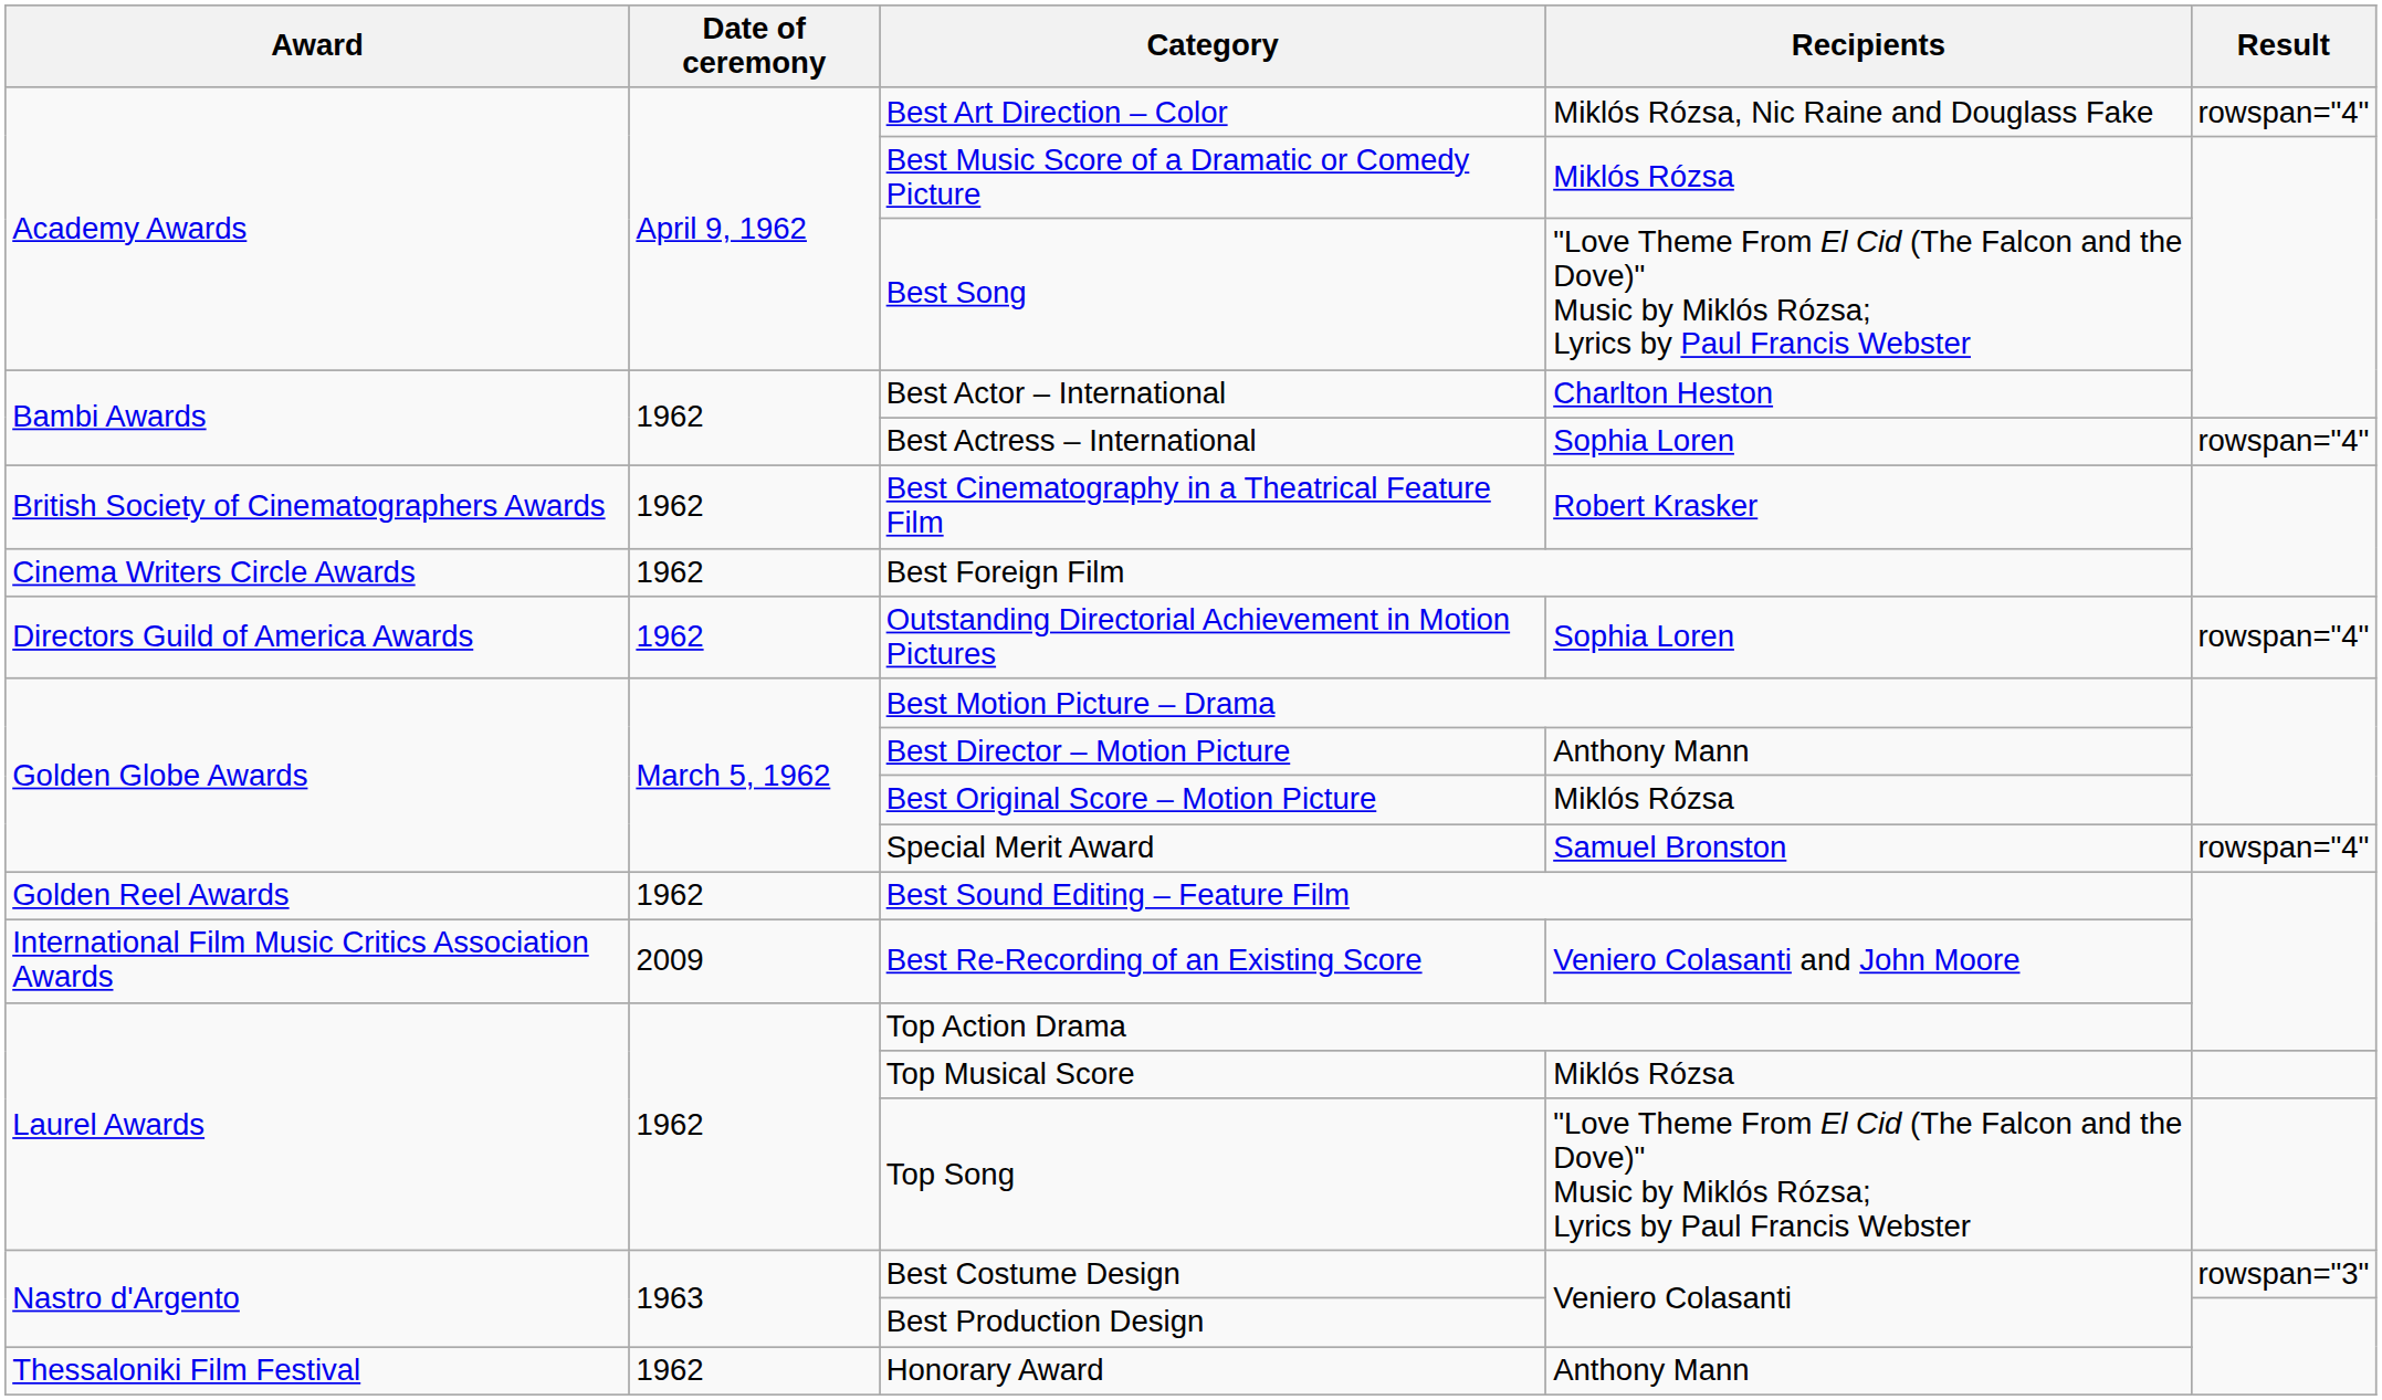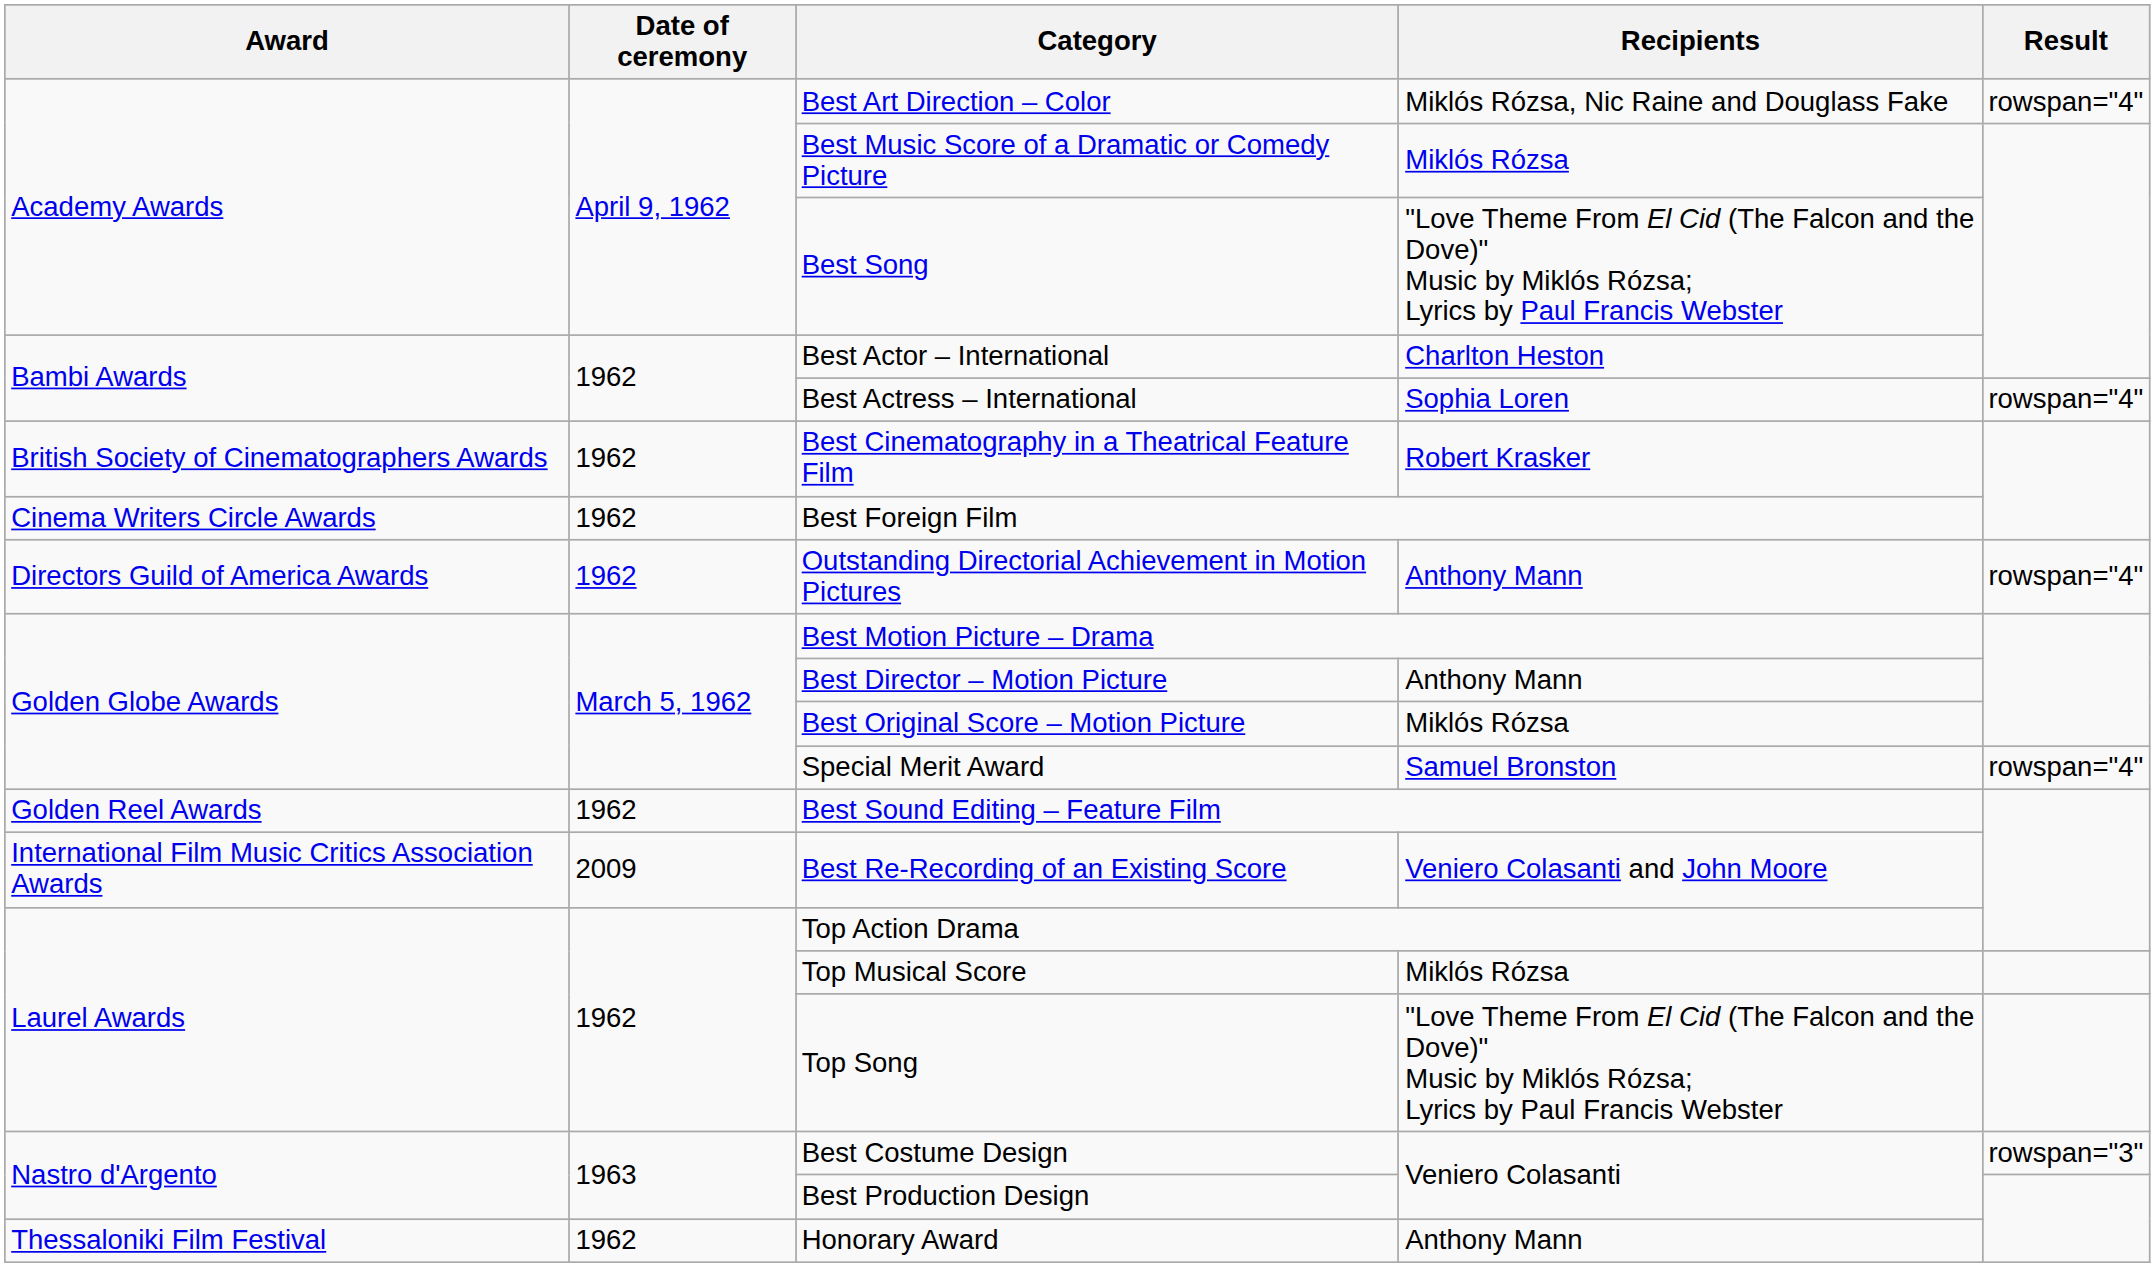 <table class="wikitable sortable plainrowheaders">
 <tr>
 <th>Award</th>
 <th>Date of ceremony</th>
 <th>Category</th>
 <th>Recipients</th>
 <th>Result</th>
 </tr>
 <tr>
 <td rowspan="3"><a href='#'>Academy Awards</a></td>
 <td rowspan="3"><a href='#'>April 9, 1962</a></td>
 <td><a href='#'>Best Art Direction – Color</a></td>
 <td>Miklós Rózsa, Nic Raine and Douglass Fake</td>
 <td>rowspan="4" </td>
 </tr>
 <tr>
 <td><a href='#'>Best Music Score of a Dramatic or Comedy Picture</a></td>
 <td><a href='#'>Miklós Rózsa</a></td>
 </tr>
 <tr>
 <td><a href='#'>Best Song</a></td>
 <td>"Love Theme From <em>El Cid</em> (The Falcon and the Dove)" <br> Music by Miklós Rózsa; <br> Lyrics by <a href='#'>Paul Francis Webster</a></td>
 </tr>
 <tr>
 <td rowspan="2"><a href='#'>Bambi Awards</a></td>
 <td rowspan="2">1962</td>
 <td>Best Actor – International</td>
 <td><a href='#'>Charlton Heston</a></td>
 </tr>
 <tr>
 <td>Best Actress – International</td>
 <td><a href='#'>Sophia Loren</a></td>
 <td>rowspan="4" </td>
 </tr>
 <tr>
 <td><a href='#'>British Society of Cinematographers Awards</a></td>
 <td>1962</td>
 <td><a href='#'>Best Cinematography in a Theatrical Feature Film</a></td>
 <td><a href='#'>Robert Krasker</a></td>
 </tr>
 <tr>
 <td><a href='#'>Cinema Writers Circle Awards</a></td>
 <td>1962</td>
 <td colspan="2">Best Foreign Film</td>
 </tr>
 <tr>
 <td><a href='#'>Directors Guild of America Awards</a></td>
 <td><a href='#'>1962</a></td>
 <td><a href='#'>Outstanding Directorial Achievement in Motion Pictures</a></td>
-<td><a href='#'>Sophia Loren</a></td>
+<td><a href='#'>Anthony Mann</a></td>
 <td>rowspan="4" </td>
 </tr>
 <tr>
 <td rowspan="4"><a href='#'>Golden Globe Awards</a></td>
 <td rowspan="4"><a href='#'>March 5, 1962</a></td>
 <td colspan="2"><a href='#'>Best Motion Picture – Drama</a></td>
 </tr>
 <tr>
 <td><a href='#'>Best Director – Motion Picture</a></td>
 <td>Anthony Mann</td>
 </tr>
 <tr>
 <td><a href='#'>Best Original Score – Motion Picture</a></td>
 <td>Miklós Rózsa</td>
 </tr>
 <tr>
 <td>Special Merit Award</td>
 <td><a href='#'>Samuel Bronston</a></td>
 <td>rowspan="4" </td>
 </tr>
 <tr>
 <td><a href='#'>Golden Reel Awards</a></td>
 <td>1962</td>
 <td colspan="2"><a href='#'>Best Sound Editing – Feature Film</a></td>
 </tr>
 <tr>
 <td><a href='#'>International Film Music Critics Association Awards</a></td>
 <td>2009</td>
 <td><a href='#'>Best Re-Recording of an Existing Score</a></td>
 <td><a href='#'>Veniero Colasanti</a> and <a href='#'>John Moore</a></td>
 </tr>
 <tr>
 <td rowspan="3"><a href='#'>Laurel Awards</a></td>
 <td rowspan="3">1962</td>
 <td colspan="2">Top Action Drama</td>
 </tr>
 <tr>
 <td>Top Musical Score</td>
 <td>Miklós Rózsa</td>
 <td></td>
 </tr>
 <tr>
 <td>Top Song</td>
 <td>"Love Theme From <em>El Cid</em> (The Falcon and the Dove)" <br> Music by Miklós Rózsa; <br> Lyrics by Paul Francis Webster</td>
 <td></td>
 </tr>
 <tr>
 <td rowspan="2"><a href='#'>Nastro d'Argento</a></td>
 <td rowspan="2">1963</td>
 <td>Best Costume Design</td>
 <td rowspan="2">Veniero Colasanti</td>
 <td>rowspan="3" </td>
 </tr>
 <tr>
 <td>Best Production Design</td>
 </tr>
 <tr>
 <td><a href='#'>Thessaloniki Film Festival</a></td>
 <td>1962</td>
 <td>Honorary Award</td>
 <td>Anthony Mann</td>
 </tr>
 </table>
